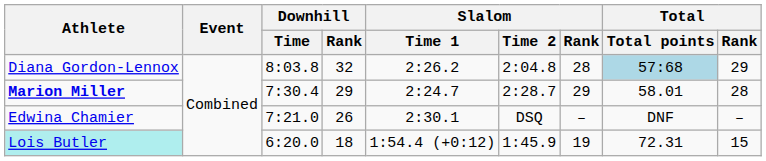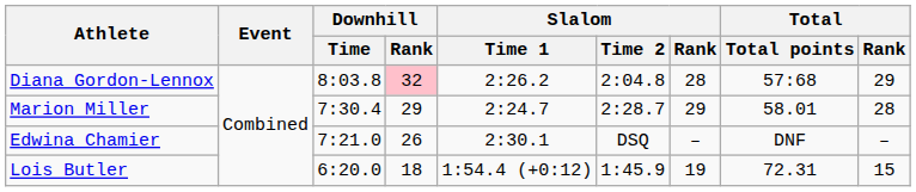 <table class="wikitable" style="font-size:90%">
 <tr>
 <th rowspan="2">Athlete</th>
 <th rowspan="2">Event</th>
 <th colspan="2">Downhill</th>
 <th colspan="3">Slalom</th>
 <th colspan="2">Total</th>
 </tr>
 <tr>
 <th>Time</th>
 <th>Rank</th>
 <th>Time 1</th>
 <th>Time 2</th>
 <th>Rank</th>
 <th>Total points</th>
 <th>Rank</th>
 </tr>
 <tr>
 <td><a href='#'>Diana Gordon-Lennox</a></td>
 <td rowspan="4">Combined</td>
 <td align="center">8:03.8</td>
-<td align="center">32</td>
+<td align="center" style="background: pink;">32</td>
 <td align="center">2:26.2</td>
 <td align="center">2:04.8</td>
 <td align="center">28</td>
-<td align="center" style="background: lightblue;">57:68</td>
+<td align="center">57:68</td>
 <td align="center">29</td>
 </tr>
 <tr>
-<td><strong><a href='#'>Marion Miller</a></strong></td>
+<td><a href='#'>Marion Miller</a></td>
 <td align="center">7:30.4</td>
 <td align="center">29</td>
 <td align="center">2:24.7</td>
 <td align="center">2:28.7</td>
 <td align="center">29</td>
 <td align="center">58.01</td>
 <td align="center">28</td>
 </tr>
 <tr>
 <td><a href='#'>Edwina Chamier</a></td>
 <td align="center">7:21.0</td>
 <td align="center">26</td>
 <td align="center">2:30.1</td>
 <td align="center">DSQ</td>
 <td align="center">–</td>
 <td align="center">DNF</td>
 <td align="center">–</td>
 </tr>
 <tr>
-<td style="background: paleturquoise;"><a href='#'>Lois Butler</a></td>
+<td><a href='#'>Lois Butler</a></td>
 <td align="center">6:20.0</td>
 <td align="center">18</td>
 <td align="center">1:54.4 (+0:12)</td>
 <td align="center">1:45.9</td>
 <td align="center">19</td>
 <td align="center">72.31</td>
 <td align="center">15</td>
 </tr>
 </table>
